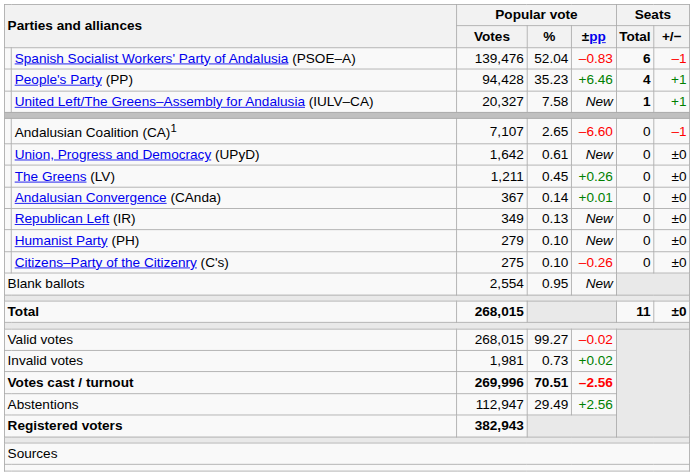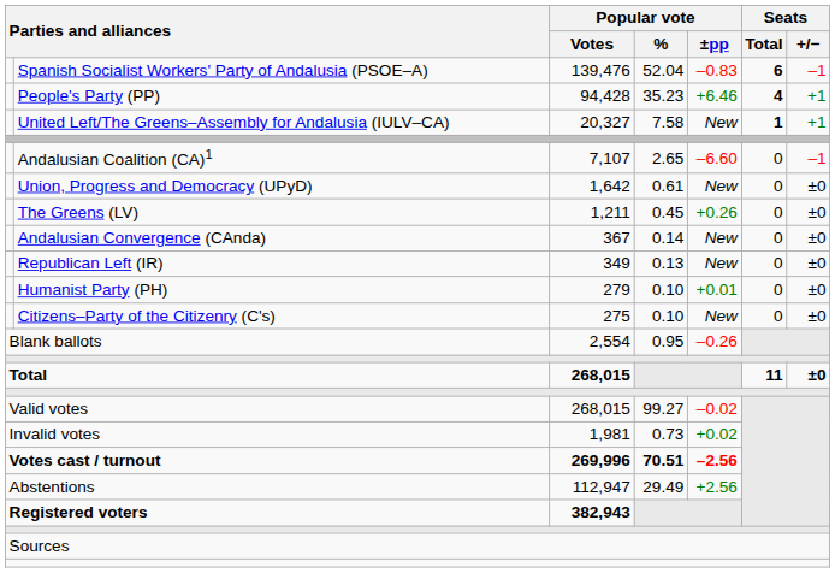 <table class="wikitable" style="text-align:right;">
 <tr>
 <th style="text-align:left;" rowspan="2" colspan="2" width="525">Parties and alliances</th>
 <th colspan="3">Popular vote</th>
 <th colspan="2">Seats</th>
 </tr>
 <tr>
 <th width="75">Votes</th>
 <th width="45">%</th>
 <th width="45">±<a href='#'>pp</a></th>
 <th width="35">Total</th>
 <th width="35">+/−</th>
 </tr>
 <tr>
 <td width="1" style="color:inherit;background:"></td>
 <td align="left"><a href='#'>Spanish Socialist Workers' Party of Andalusia</a> (PSOE–A)</td>
 <td>139,476</td>
 <td>52.04</td>
 <td style="color:red;">–0.83</td>
 <td><strong>6</strong></td>
 <td style="color:red;">–1</td>
 </tr>
 <tr>
 <td style="color:inherit;background:"></td>
 <td align="left"><a href='#'>People's Party</a> (PP)</td>
 <td>94,428</td>
 <td>35.23</td>
 <td style="color:green;">+6.46</td>
 <td><strong>4</strong></td>
 <td style="color:green;">+1</td>
 </tr>
 <tr>
 <td style="color:inherit;background:"></td>
 <td align="left"><a href='#'>United Left/The Greens–Assembly for Andalusia</a> (IULV–CA)</td>
 <td>20,327</td>
 <td>7.58</td>
 <td><em>New</em></td>
 <td><strong>1</strong></td>
 <td style="color:green;">+1</td>
 </tr>
 <tr>
 <td colspan="7" bgcolor="#C0C0C0"></td>
 </tr>
 <tr>
 <td style="color:inherit;background:"></td>
 <td align="left">Andalusian Coalition (CA)<sup>1</sup></td>
 <td>7,107</td>
 <td>2.65</td>
 <td style="color:red;">–6.60</td>
 <td>0</td>
 <td style="color:red;">–1</td>
 </tr>
 <tr>
 <td style="color:inherit;background:"></td>
 <td align="left"><a href='#'>Union, Progress and Democracy</a> (UPyD)</td>
 <td>1,642</td>
 <td>0.61</td>
 <td><em>New</em></td>
 <td>0</td>
 <td>±0</td>
 </tr>
 <tr>
 <td style="color:inherit;background:"></td>
 <td align="left"><a href='#'>The Greens</a> (LV)</td>
 <td>1,211</td>
 <td>0.45</td>
 <td style="color:green;">+0.26</td>
 <td>0</td>
 <td>±0</td>
 </tr>
 <tr>
 <td style="color:inherit;background:"></td>
 <td align="left"><a href='#'>Andalusian Convergence</a> (CAnda)</td>
 <td>367</td>
 <td>0.14</td>
-<td style="color:green;">+0.01</td>
+<td><em>New</em></td>
 <td>0</td>
 <td>±0</td>
 </tr>
 <tr>
 <td style="color:inherit;background:"></td>
 <td align="left"><a href='#'>Republican Left</a> (IR)</td>
 <td>349</td>
 <td>0.13</td>
 <td><em>New</em></td>
 <td>0</td>
 <td>±0</td>
 </tr>
 <tr>
 <td style="color:inherit;background:"></td>
 <td align="left"><a href='#'>Humanist Party</a> (PH)</td>
 <td>279</td>
 <td>0.10</td>
-<td><em>New</em></td>
+<td style="color:green;">+0.01</td>
 <td>0</td>
 <td>±0</td>
 </tr>
 <tr>
 <td style="color:inherit;background:"></td>
 <td align="left"><a href='#'>Citizens–Party of the Citizenry</a> (C's)</td>
 <td>275</td>
 <td>0.10</td>
-<td style="color:red;">–0.26</td>
+<td><em>New</em></td>
 <td>0</td>
 <td>±0</td>
 </tr>
 <tr>
 <td align="left" colspan="2">Blank ballots</td>
 <td>2,554</td>
 <td>0.95</td>
-<td><em>New</em></td>
+<td style="color:red;">–0.26</td>
 <td bgcolor="#E9E9E9" colspan="2"></td>
 </tr>
 <tr>
 <td colspan="7" bgcolor="#E9E9E9"></td>
 </tr>
 <tr style="font-weight:bold;">
 <td align="left" colspan="2">Total</td>
 <td>268,015</td>
 <td bgcolor="#E9E9E9" colspan="2"></td>
 <td>11</td>
 <td>±0</td>
 </tr>
 <tr>
 <td colspan="7" bgcolor="#E9E9E9"></td>
 </tr>
 <tr>
 <td align="left" colspan="2">Valid votes</td>
 <td>268,015</td>
 <td>99.27</td>
 <td style="color:red;">–0.02</td>
 <td bgcolor="#E9E9E9" colspan="2" rowspan="5"></td>
 </tr>
 <tr>
 <td align="left" colspan="2">Invalid votes</td>
 <td>1,981</td>
 <td>0.73</td>
 <td style="color:green;">+0.02</td>
 </tr>
 <tr style="font-weight:bold;">
 <td align="left" colspan="2">Votes cast / turnout</td>
 <td>269,996</td>
 <td>70.51</td>
 <td style="color:red;">–2.56</td>
 </tr>
 <tr>
 <td align="left" colspan="2">Abstentions</td>
 <td>112,947</td>
 <td>29.49</td>
 <td style="color:green;">+2.56</td>
 </tr>
 <tr style="font-weight:bold;">
 <td align="left" colspan="2">Registered voters</td>
 <td>382,943</td>
 <td bgcolor="#E9E9E9" colspan="2"></td>
 </tr>
 <tr>
 <td colspan="7" bgcolor="#E9E9E9"></td>
 </tr>
 <tr>
 <td align="left" colspan="7">Sources</td>
 </tr>
 <tr>
 <td colspan="7" style="text-align:left; max-width:790px;"></td>
 </tr>
 </table>
